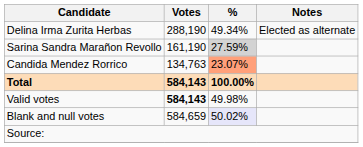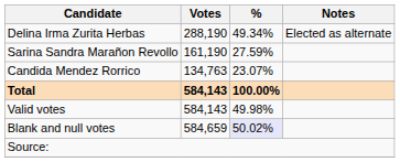 <table class=wikitable>
 <tr>
 <th>Candidate</th>
 <th>Votes</th>
 <th>%</th>
 <th>Notes</th>
 </tr>
 <tr>
 <td>Delina Irma Zurita Herbas</td>
 <td>288,190</td>
 <td>49.34%</td>
 <td>Elected as alternate</td>
 </tr>
 <tr>
 <td>Sarina Sandra Marañon Revollo</td>
 <td>161,190</td>
-<td style="background: lightgrey;">27.59%</td>
+<td>27.59%</td>
 <td></td>
 </tr>
 <tr>
 <td>Candida Mendez Rorrico</td>
 <td>134,763</td>
-<td style="background: lightsalmon;">23.07%</td>
+<td>23.07%</td>
 <td></td>
 </tr>
 <tr>
 <td style="background:#FDDCB8"><strong>Total</strong></td>
 <td style="background:#FDDCB8"><strong>584,143</strong></td>
 <td style="background:#FDDCB8"><strong>100.00%</strong></td>
 <td style="background:#FDDCB8"></td>
 </tr>
 <tr>
 <td>Valid votes</td>
-<td><strong>584,143</strong></td>
+<td>584,143</td>
 <td>49.98%</td>
 <td></td>
 </tr>
 <tr>
 <td>Blank and null votes</td>
 <td>584,659</td>
 <td style="background: lavender;">50.02%</td>
 <td></td>
 </tr>
 <tr>
 <td colspan="4">Source: </td>
 </tr>
 <tr>
 </tr>
 </table>
